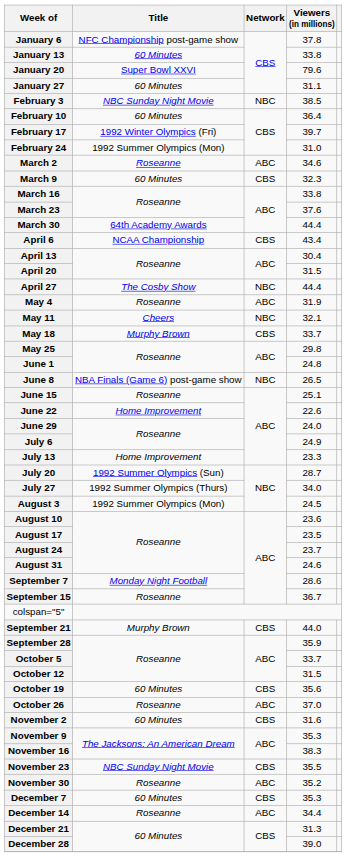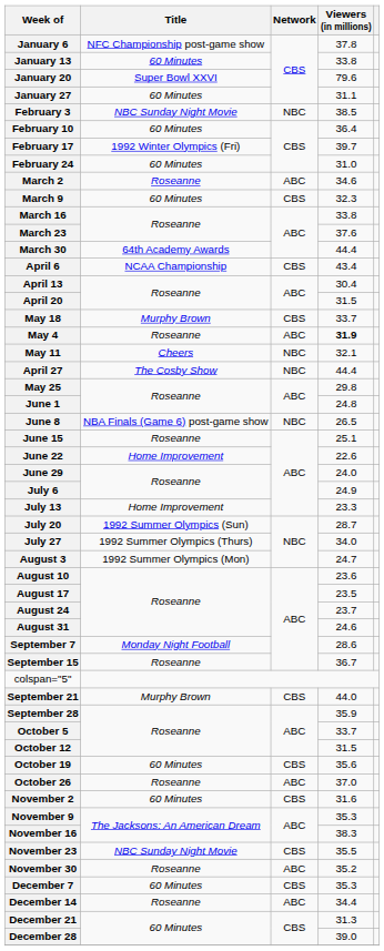 <table class="wikitable plainrowheaders" style="text-align: center; display: inline-table;">
 <tr>
 <th>Week of</th>
 <th>Title</th>
 <th>Network</th>
 <th>Viewers<br><small>(in millions)</small></th>
 <th></th>
 </tr>
 <tr>
 <th scope="row">January 6</th>
 <td><a href='#'>NFC Championship</a> post-game show</td>
 <td rowspan="4"><a href='#'>CBS</a></td>
 <td>37.8</td>
 <td></td>
 </tr>
 <tr>
 <th scope="row">January 13</th>
 <td><em><a href='#'>60 Minutes</a></em></td>
 <td>33.8</td>
 <td></td>
 </tr>
 <tr>
 <th scope="row">January 20</th>
 <td><a href='#'>Super Bowl XXVI</a></td>
 <td>79.6</td>
 <td></td>
 </tr>
 <tr>
 <th scope="row">January 27</th>
 <td><em>60 Minutes</em></td>
 <td>31.1</td>
 <td></td>
 </tr>
 <tr>
 <th scope="row">February 3</th>
 <td><em><a href='#'>NBC Sunday Night Movie</a></em></td>
 <td>NBC</td>
 <td>38.5</td>
 <td></td>
 </tr>
 <tr>
 <th scope="row">February 10</th>
 <td><em>60 Minutes</em></td>
 <td rowspan="3">CBS</td>
 <td>36.4</td>
 <td></td>
 </tr>
 <tr>
 <th scope="row">February 17</th>
 <td><a href='#'>1992 Winter Olympics</a> (Fri)</td>
 <td>39.7</td>
 <td></td>
 </tr>
 <tr>
 <th scope="row">February 24</th>
-<td>1992 Summer Olympics (Mon)</td>
+<td><em>60 Minutes</em></td>
 <td>31.0</td>
 <td></td>
 </tr>
 <tr>
 <th scope="row">March 2</th>
 <td><em><a href='#'>Roseanne</a></em></td>
 <td>ABC</td>
 <td>34.6</td>
 <td></td>
 </tr>
 <tr>
 <th scope="row">March 9</th>
 <td><em>60 Minutes</em></td>
 <td>CBS</td>
 <td>32.3</td>
 <td></td>
 </tr>
 <tr>
 <th scope="row">March 16</th>
 <td rowspan="2"><em>Roseanne</em></td>
 <td rowspan="3">ABC</td>
 <td>33.8</td>
 <td></td>
 </tr>
 <tr>
 <th scope="row">March 23</th>
 <td>37.6</td>
 <td></td>
 </tr>
 <tr>
 <th scope="row">March 30</th>
 <td><a href='#'>64th Academy Awards</a></td>
 <td>44.4</td>
 <td></td>
 </tr>
 <tr>
 <th scope="row">April 6</th>
 <td><a href='#'>NCAA Championship</a></td>
 <td>CBS</td>
 <td>43.4</td>
 <td></td>
 </tr>
 <tr>
 <th scope="row">April 13</th>
 <td rowspan="2"><em>Roseanne</em></td>
 <td rowspan="2">ABC</td>
 <td>30.4</td>
 <td></td>
 </tr>
 <tr>
 <th scope="row">April 20</th>
 <td>31.5</td>
 <td></td>
 </tr>
 <tr>
-<th scope="row">April 27</th>
-<td><em><a href='#'>The Cosby Show</a></em></td>
-<td>NBC</td>
-<td>44.4</td>
+<th scope="row">May 18</th>
+<td><em><a href='#'>Murphy Brown</a></em></td>
+<td>CBS</td>
+<td>33.7</td>
 <td></td>
 </tr>
 <tr>
 <th scope="row">May 4</th>
 <td><em>Roseanne</em></td>
 <td>ABC</td>
-<td>31.9</td>
+<td><strong>31.9</strong></td>
 <td></td>
 </tr>
 <tr>
 <th scope="row">May 11</th>
 <td><em><a href='#'>Cheers</a></em></td>
 <td>NBC</td>
 <td>32.1</td>
 <td></td>
 </tr>
 <tr>
-<th scope="row">May 18</th>
-<td><em><a href='#'>Murphy Brown</a></em></td>
-<td>CBS</td>
-<td>33.7</td>
+<th scope="row">April 27</th>
+<td><em><a href='#'>The Cosby Show</a></em></td>
+<td>NBC</td>
+<td>44.4</td>
 <td></td>
 </tr>
 <tr>
 <th scope="row">May 25</th>
 <td rowspan="2"><em>Roseanne</em></td>
 <td rowspan="2">ABC</td>
 <td>29.8</td>
 <td></td>
 </tr>
 <tr>
 <th scope="row">June 1</th>
 <td>24.8</td>
 <td></td>
 </tr>
 <tr>
 <th scope="row">June 8</th>
 <td><a href='#'>NBA Finals (Game 6)</a> post-game show</td>
 <td>NBC</td>
 <td>26.5</td>
 <td></td>
 </tr>
 <tr>
 <th scope="row">June 15</th>
 <td><em>Roseanne</em></td>
 <td rowspan="5">ABC</td>
 <td>25.1</td>
 <td></td>
 </tr>
 <tr>
 <th scope="row">June 22</th>
 <td><em><a href='#'>Home Improvement</a></em></td>
 <td>22.6</td>
 <td></td>
 </tr>
 <tr>
 <th scope="row">June 29</th>
 <td rowspan="2"><em>Roseanne</em></td>
 <td>24.0</td>
 <td></td>
 </tr>
 <tr>
 <th scope="row">July 6</th>
 <td>24.9</td>
 <td></td>
 </tr>
 <tr>
 <th scope="row">July 13</th>
 <td><em>Home Improvement</em></td>
 <td>23.3</td>
 <td></td>
 </tr>
 <tr>
 <th scope="row">July 20</th>
 <td><a href='#'>1992 Summer Olympics</a> (Sun)</td>
 <td rowspan="3">NBC</td>
 <td>28.7</td>
 <td></td>
 </tr>
 <tr>
 <th scope="row">July 27</th>
 <td>1992 Summer Olympics (Thurs)</td>
 <td>34.0</td>
 <td></td>
 </tr>
 <tr>
 <th scope="row">August 3</th>
 <td>1992 Summer Olympics (Mon)</td>
-<td>24.5</td>
+<td>24.7</td>
 <td></td>
 </tr>
 <tr>
 <th scope="row">August 10</th>
 <td rowspan="4"><em>Roseanne</em></td>
 <td rowspan="6">ABC</td>
 <td>23.6</td>
 <td></td>
 </tr>
 <tr>
 <th scope="row">August 17</th>
 <td>23.5</td>
 <td></td>
 </tr>
 <tr>
 <th scope="row">August 24</th>
 <td>23.7</td>
 <td></td>
 </tr>
 <tr>
 <th scope="row">August 31</th>
 <td>24.6</td>
 <td></td>
 </tr>
 <tr>
 <th scope="row">September 7</th>
 <td><em><a href='#'>Monday Night Football</a></em></td>
 <td>28.6</td>
 <td></td>
 </tr>
 <tr>
 <th scope="row">September 15</th>
 <td><em>Roseanne</em></td>
 <td>36.7</td>
 <td></td>
 </tr>
 <tr>
 <td>colspan="5" </td>
 </tr>
 <tr>
 <th scope="row">September 21</th>
 <td><em>Murphy Brown</em></td>
 <td>CBS</td>
 <td>44.0</td>
 <td></td>
 </tr>
 <tr>
 <th scope="row">September 28</th>
 <td rowspan="3"><em>Roseanne</em></td>
 <td rowspan="3">ABC</td>
 <td>35.9</td>
 <td></td>
 </tr>
 <tr>
 <th scope="row">October 5</th>
 <td>33.7</td>
 <td></td>
 </tr>
 <tr>
 <th scope="row">October 12</th>
 <td>31.5</td>
 <td></td>
 </tr>
 <tr>
 <th scope="row">October 19</th>
 <td><em>60 Minutes</em></td>
 <td>CBS</td>
 <td>35.6</td>
 <td></td>
 </tr>
 <tr>
 <th scope="row">October 26</th>
 <td><em>Roseanne</em></td>
 <td>ABC</td>
 <td>37.0</td>
 <td></td>
 </tr>
 <tr>
 <th scope="row">November 2</th>
 <td><em>60 Minutes</em></td>
 <td>CBS</td>
 <td>31.6</td>
 <td></td>
 </tr>
 <tr>
 <th scope="row">November 9</th>
 <td rowspan="2"><em><a href='#'>The Jacksons: An American Dream</a></em></td>
 <td rowspan="2">ABC</td>
 <td>35.3</td>
 <td></td>
 </tr>
 <tr>
 <th scope="row">November 16</th>
 <td>38.3</td>
 <td></td>
 </tr>
 <tr>
 <th scope="row">November 23</th>
 <td><em><a href='#'>NBC Sunday Night Movie</a></em></td>
 <td>CBS</td>
 <td>35.5</td>
 <td></td>
 </tr>
 <tr>
 <th scope="row">November 30</th>
 <td><em>Roseanne</em></td>
 <td>ABC</td>
 <td>35.2</td>
 <td></td>
 </tr>
 <tr>
 <th scope="row">December 7</th>
 <td><em>60 Minutes</em></td>
 <td>CBS</td>
 <td>35.3</td>
 <td></td>
 </tr>
 <tr>
 <th scope="row">December 14</th>
 <td><em>Roseanne</em></td>
 <td>ABC</td>
 <td>34.4</td>
 <td></td>
 </tr>
 <tr>
 <th scope="row">December 21</th>
 <td rowspan="2"><em>60 Minutes</em></td>
 <td rowspan="2'">CBS</td>
 <td>31.3</td>
 <td></td>
 </tr>
 <tr>
 <th scope="row">December 28</th>
 <td>39.0</td>
 <td></td>
 </tr>
 <tr>
 </tr>
 </table>
